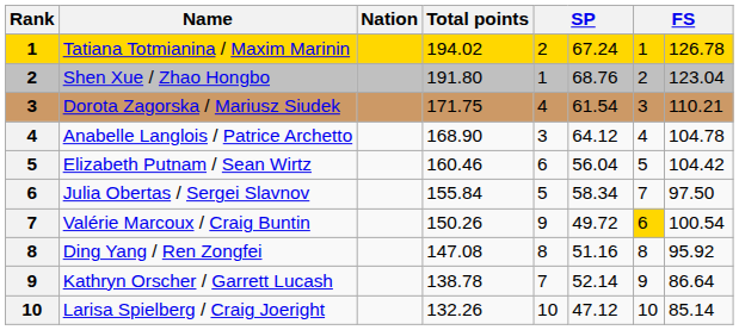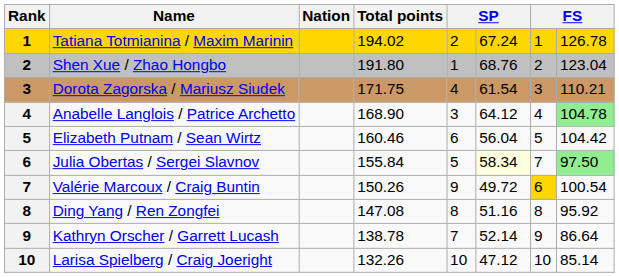 <table class="wikitable">
 <tr>
 <th>Rank</th>
 <th>Name</th>
 <th>Nation</th>
 <th>Total points</th>
 <th colspan="2" width="80px"><a href='#'>SP</a></th>
 <th colspan="2" width="80px"><a href='#'>FS</a></th>
 </tr>
 <tr bgcolor="gold">
 <td align="center"><strong>1</strong></td>
 <td><a href='#'>Tatiana Totmianina</a> / <a href='#'>Maxim Marinin</a></td>
 <td></td>
 <td>194.02</td>
 <td>2</td>
 <td>67.24</td>
 <td>1</td>
 <td>126.78</td>
 </tr>
 <tr bgcolor="silver">
 <td align="center"><strong>2</strong></td>
 <td><a href='#'>Shen Xue</a> / <a href='#'>Zhao Hongbo</a></td>
 <td></td>
 <td>191.80</td>
 <td>1</td>
 <td>68.76</td>
 <td>2</td>
 <td>123.04</td>
 </tr>
 <tr bgcolor="cc9966">
 <td align="center"><strong>3</strong></td>
 <td><a href='#'>Dorota Zagorska</a> / <a href='#'>Mariusz Siudek</a></td>
 <td></td>
 <td>171.75</td>
 <td>4</td>
 <td>61.54</td>
 <td>3</td>
 <td>110.21</td>
 </tr>
 <tr>
 <th>4</th>
 <td><a href='#'>Anabelle Langlois</a> / <a href='#'>Patrice Archetto</a></td>
 <td></td>
 <td>168.90</td>
 <td>3</td>
 <td>64.12</td>
 <td>4</td>
-<td>104.78</td>
+<td style="background: lightgreen;">104.78</td>
 </tr>
 <tr>
 <th>5</th>
 <td><a href='#'>Elizabeth Putnam</a> / <a href='#'>Sean Wirtz</a></td>
 <td></td>
 <td>160.46</td>
 <td>6</td>
 <td>56.04</td>
 <td>5</td>
 <td>104.42</td>
 </tr>
 <tr>
 <th>6</th>
 <td><a href='#'>Julia Obertas</a> / <a href='#'>Sergei Slavnov</a></td>
 <td></td>
 <td>155.84</td>
 <td>5</td>
-<td>58.34</td>
+<td style="background: lightyellow;">58.34</td>
 <td>7</td>
-<td>97.50</td>
+<td style="background: lightgreen;">97.50</td>
 </tr>
 <tr>
 <th>7</th>
 <td><a href='#'>Valérie Marcoux</a> / <a href='#'>Craig Buntin</a></td>
 <td></td>
 <td>150.26</td>
 <td>9</td>
 <td>49.72</td>
 <td style="background: gold;">6</td>
 <td>100.54</td>
 </tr>
 <tr>
 <th>8</th>
 <td><a href='#'>Ding Yang</a> / <a href='#'>Ren Zongfei</a></td>
 <td></td>
 <td>147.08</td>
 <td>8</td>
 <td>51.16</td>
 <td>8</td>
 <td>95.92</td>
 </tr>
 <tr>
 <th>9</th>
 <td><a href='#'>Kathryn Orscher</a> / <a href='#'>Garrett Lucash</a></td>
 <td></td>
 <td>138.78</td>
 <td>7</td>
 <td>52.14</td>
 <td>9</td>
 <td>86.64</td>
 </tr>
 <tr>
 <th>10</th>
 <td><a href='#'>Larisa Spielberg</a> / <a href='#'>Craig Joeright</a></td>
 <td></td>
 <td>132.26</td>
 <td>10</td>
 <td>47.12</td>
 <td>10</td>
 <td>85.14</td>
 </tr>
 </table>
